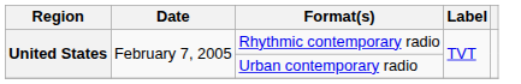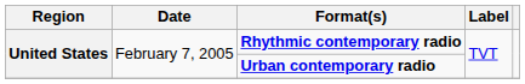 <table class="wikitable plainrowheaders">
 <tr>
 <th scope="col">Region</th>
 <th scope="col">Date</th>
 <th scope="col">Format(s)</th>
 <th scope="col">Label</th>
 <th scope="col"></th>
 </tr>
 <tr>
 <th scope="row" rowspan="2">United States</th>
 <td rowspan="2">February 7, 2005</td>
-<td><a href='#'>Rhythmic contemporary</a> radio</td>
+<td><strong><a href='#'>Rhythmic contemporary</a> radio</strong></td>
 <td rowspan="2"><a href='#'>TVT</a></td>
 <td rowspan="2"></td>
 </tr>
 <tr>
-<td><a href='#'>Urban contemporary</a> radio</td>
+<td><strong><a href='#'>Urban contemporary</a> radio</strong></td>
 </tr>
 <tr>
 </tr>
 </table>
